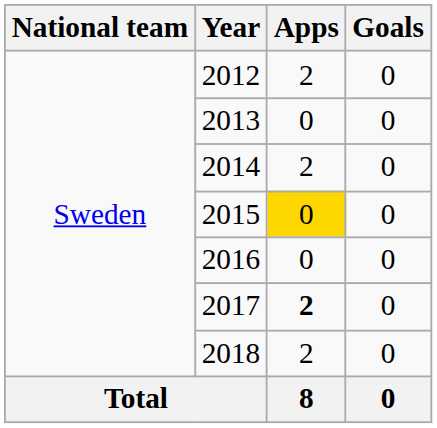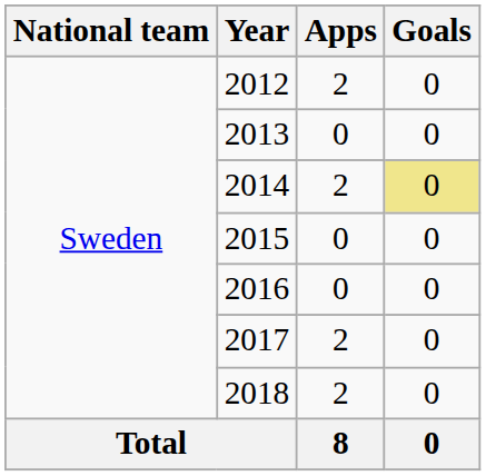 <table class="wikitable" style="text-align:center">
 <tr>
 <th>National team</th>
 <th>Year</th>
 <th>Apps</th>
 <th>Goals</th>
 </tr>
 <tr>
 <td rowspan="7"><a href='#'>Sweden</a></td>
 <td>2012</td>
 <td>2</td>
 <td>0</td>
 </tr>
 <tr>
 <td>2013</td>
 <td>0</td>
 <td>0</td>
 </tr>
 <tr>
 <td>2014</td>
 <td>2</td>
-<td>0</td>
+<td style="background: khaki;">0</td>
 </tr>
 <tr>
 <td>2015</td>
-<td style="background: gold;">0</td>
+<td>0</td>
 <td>0</td>
 </tr>
 <tr>
 <td>2016</td>
 <td>0</td>
 <td>0</td>
 </tr>
 <tr>
 <td>2017</td>
-<td><strong>2</strong></td>
+<td>2</td>
 <td>0</td>
 </tr>
 <tr>
 <td>2018</td>
 <td>2</td>
 <td>0</td>
 </tr>
 <tr>
 <th colspan="2">Total</th>
 <th>8</th>
 <th>0</th>
 </tr>
 </table>
